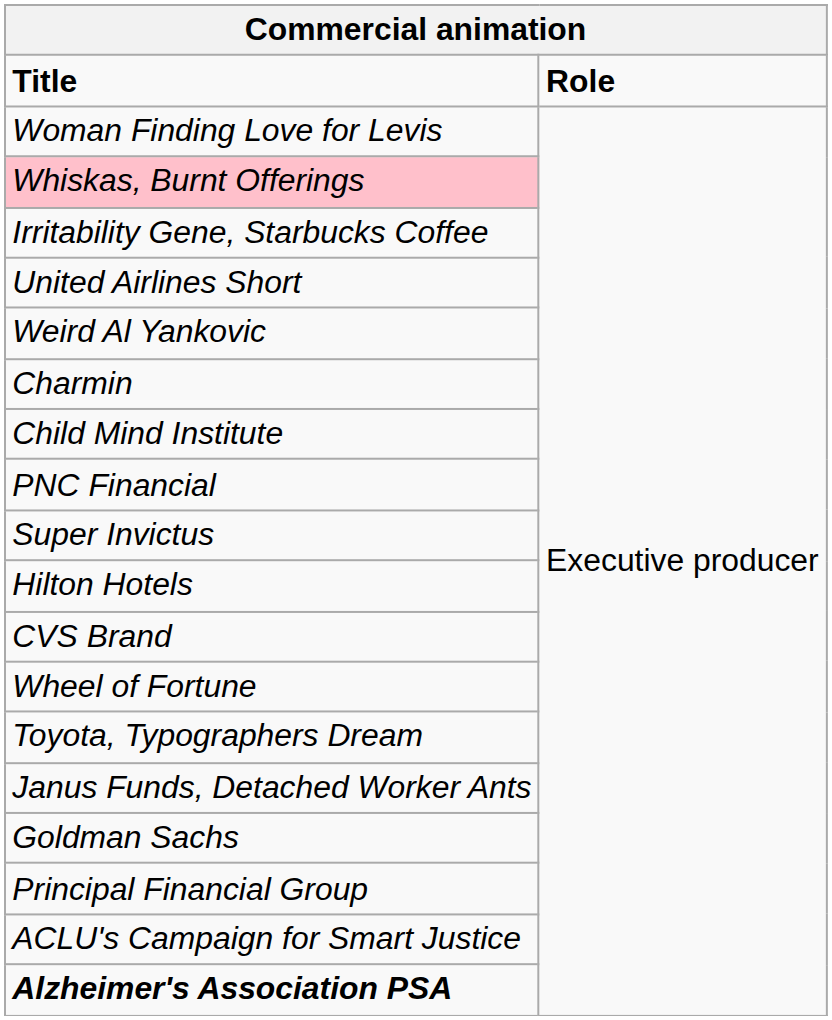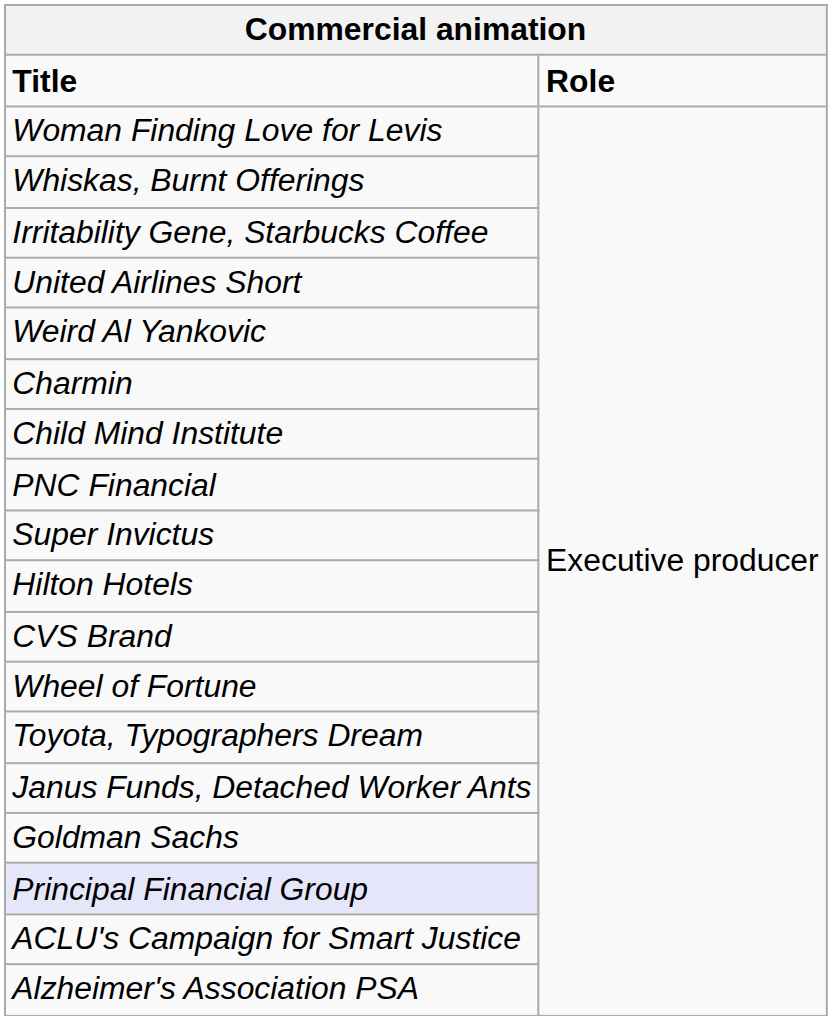 <table class="wikitable mw-collapsible mw-collapsed">
 <tr>
 <th colspan="2"><strong>Commercial</strong> <strong>animation</strong></th>
 </tr>
 <tr>
 <td><strong>Title</strong></td>
 <td><strong>Role</strong></td>
 </tr>
 <tr>
 <td><em>Woman Finding Love for Levis</em></td>
 <td rowspan="18">Executive producer</td>
 </tr>
 <tr>
-<td style="background: pink;"><em>Whiskas, Burnt Offerings</em></td>
+<td><em>Whiskas, Burnt Offerings</em></td>
 </tr>
 <tr>
 <td><em>Irritability Gene, Starbucks Coffee</em></td>
 </tr>
 <tr>
 <td><em>United Airlines</em> <em>Short</em></td>
 </tr>
 <tr>
 <td><em>Weird Al Yankovic</em></td>
 </tr>
 <tr>
 <td><em>Charmin</em></td>
 </tr>
 <tr>
 <td><em>Child Mind Institute</em></td>
 </tr>
 <tr>
 <td><em>PNC Financial</em></td>
 </tr>
 <tr>
 <td><em>Super Invictus</em></td>
 </tr>
 <tr>
 <td><em>Hilton Hotels</em>   </td>
 </tr>
 <tr>
 <td><em>CVS Brand</em></td>
 </tr>
 <tr>
 <td><em>Wheel of Fortune</em></td>
 </tr>
 <tr>
 <td><em>Toyota, Typographers Dream</em></td>
 </tr>
 <tr>
 <td><em>Janus Funds, Detached Worker Ants</em></td>
 </tr>
 <tr>
 <td><em>Goldman Sachs</em></td>
 </tr>
 <tr>
-<td><em>Principal Financial Group</em></td>
+<td style="background: lavender;"><em>Principal Financial Group</em></td>
 </tr>
 <tr>
 <td><em>ACLU's Campaign for Smart Justice</em></td>
 </tr>
 <tr>
-<td><strong><em>Alzheimer's Association PSA</em></strong></td>
+<td><em>Alzheimer's Association PSA</em></td>
 </tr>
 </table>
